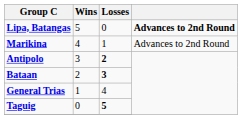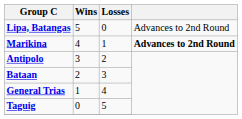 <table class="wikitable">
 <tr align=center>
 <th>Group C</th>
 <th>Wins</th>
 <th>Losses</th>
 <th></th>
 </tr>
 <tr>
 <td><strong><a href='#'>Lipa, Batangas</a></strong></td>
 <td>5</td>
 <td>0</td>
-<td><strong>Advances to 2nd Round</strong></td>
+<td>Advances to 2nd Round</td>
 </tr>
 <tr>
 <td><strong><a href='#'>Marikina</a></strong></td>
 <td>4</td>
 <td>1</td>
-<td>Advances to 2nd Round</td>
+<td><strong>Advances to 2nd Round</strong></td>
 </tr>
 <tr>
 <td><strong><a href='#'>Antipolo</a></strong></td>
 <td>3</td>
-<td><strong>2</strong></td>
+<td>2</td>
 </tr>
 <tr>
 <td><strong><a href='#'>Bataan</a></strong></td>
 <td>2</td>
-<td><strong>3</strong></td>
+<td>3</td>
 </tr>
 <tr>
 <td><strong><a href='#'>General Trias</a></strong></td>
 <td>1</td>
 <td>4</td>
 </tr>
 <tr>
 <td><strong><a href='#'>Taguig</a></strong></td>
 <td>0</td>
-<td><strong>5</strong></td>
+<td>5</td>
 </tr>
 <tr>
 </tr>
 </table>
